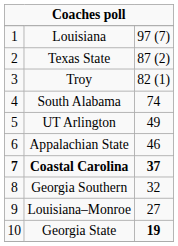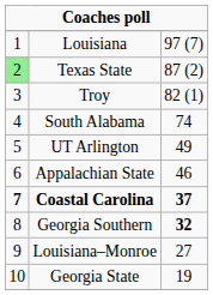 <table class="wikitable">
 <tr align="center">
 <td align="center" Colspan="3"><strong>Coaches poll</strong></td>
 </tr>
 <tr align="center">
 </tr>
 <tr align="center">
 <td>1</td>
 <td>Louisiana</td>
 <td>97 (7)</td>
 </tr>
 <tr align="center">
-<td>2</td>
+<td style="background: lightgreen;">2</td>
 <td>Texas State</td>
 <td>87 (2)</td>
 </tr>
 <tr align="center">
 <td>3</td>
 <td>Troy</td>
 <td>82 (1)</td>
 </tr>
 <tr align="center">
 <td>4</td>
 <td>South Alabama</td>
 <td>74</td>
 </tr>
 <tr align="center">
 <td>5</td>
 <td>UT Arlington</td>
 <td>49</td>
 </tr>
 <tr align="center">
 <td>6</td>
 <td>Appalachian State</td>
 <td>46</td>
 </tr>
 <tr align="center">
 <td><strong>7</strong></td>
 <td><strong>Coastal Carolina</strong></td>
 <td><strong>37</strong></td>
 </tr>
 <tr align="center">
 <td>8</td>
 <td>Georgia Southern</td>
-<td>32</td>
+<td><strong>32</strong></td>
 </tr>
 <tr align="center">
 <td>9</td>
 <td>Louisiana–Monroe</td>
 <td>27</td>
 </tr>
 <tr align="center">
 <td>10</td>
 <td>Georgia State</td>
-<td><strong>19</strong></td>
+<td>19</td>
 </tr>
 <tr align="center">
 </tr>
 </table>
